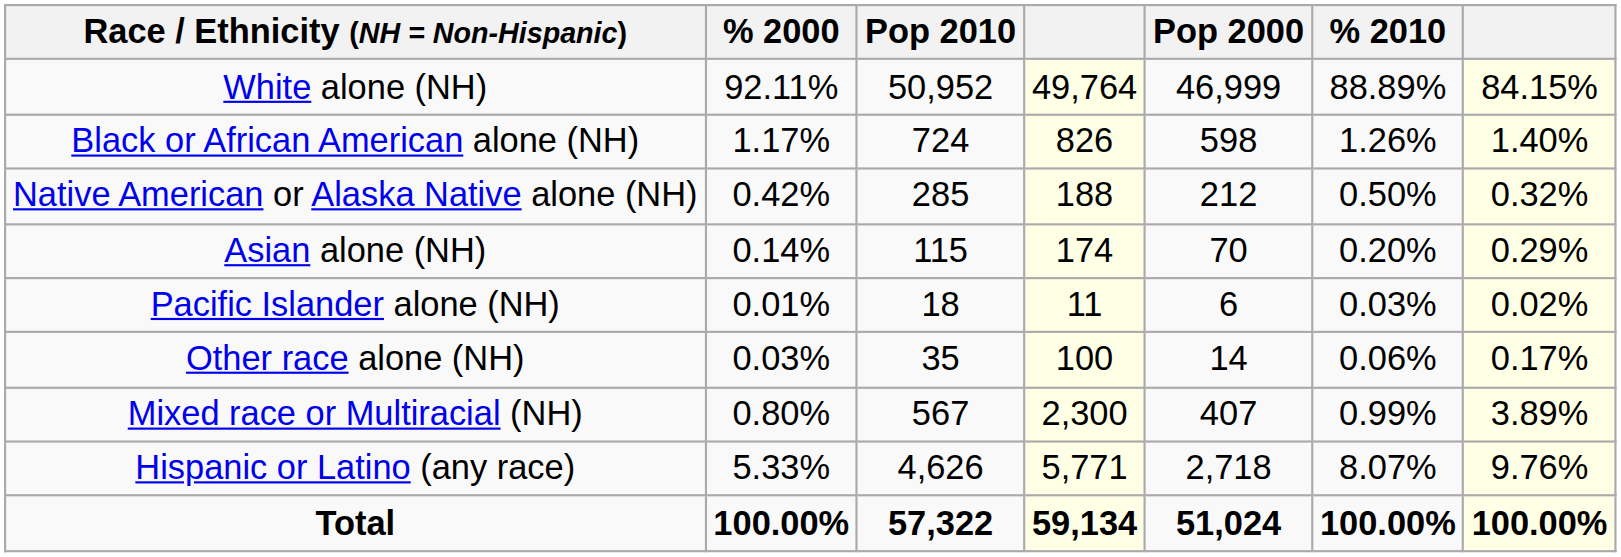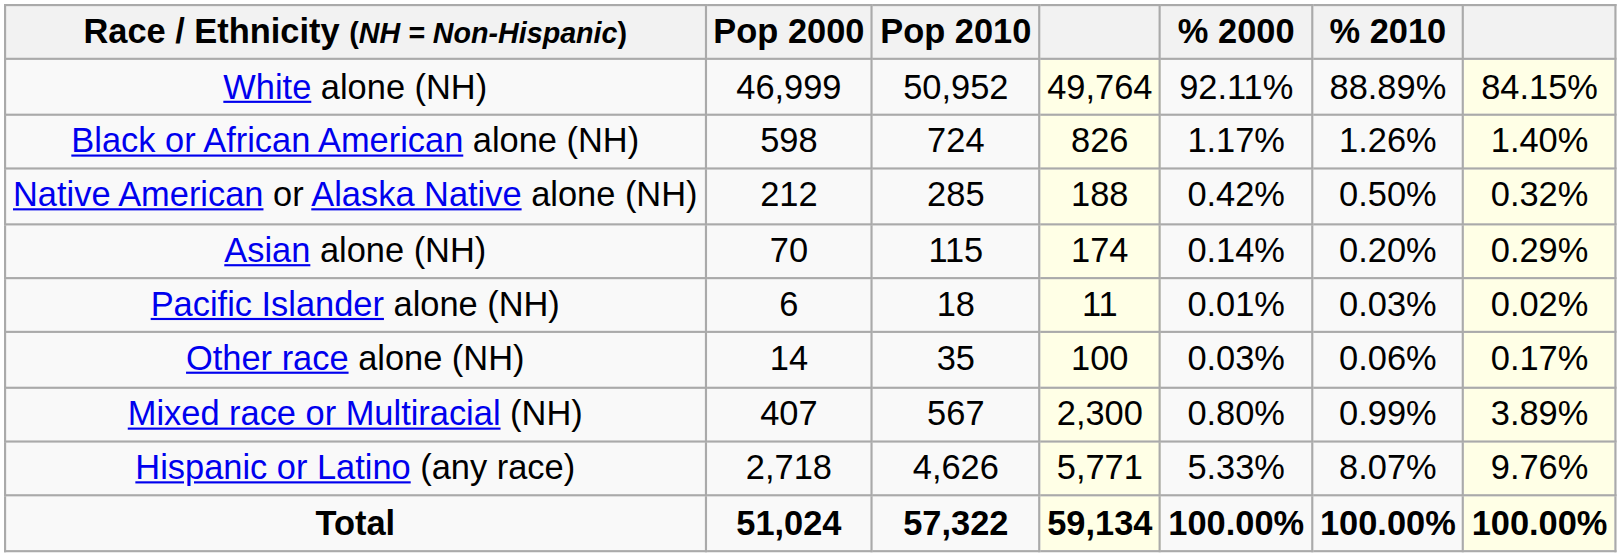 <table class="wikitable" style="text-align:center;">
 <tr>
 <th>Race / Ethnicity <small>(<em>NH = Non-Hispanic</em>)</small></th>
-<th>% 2000</th>
+<th>Pop 2000</th>
 <th>Pop 2010</th>
 <th></th>
-<th>Pop 2000</th>
+<th>% 2000</th>
 <th>% 2010</th>
 <th></th>
 </tr>
 <tr>
 <td><a href='#'>White</a> alone (NH)</td>
-<td>92.11%</td>
+<td>46,999</td>
 <td>50,952</td>
 <td style='background: #ffffe6;'>49,764</td>
-<td>46,999</td>
+<td>92.11%</td>
 <td>88.89%</td>
 <td style='background: #ffffe6;'>84.15%</td>
 </tr>
 <tr>
 <td><a href='#'>Black or African American</a> alone (NH)</td>
-<td>1.17%</td>
+<td>598</td>
 <td>724</td>
 <td style='background: #ffffe6;'>826</td>
-<td>598</td>
+<td>1.17%</td>
 <td>1.26%</td>
 <td style='background: #ffffe6;'>1.40%</td>
 </tr>
 <tr>
 <td><a href='#'>Native American</a> or <a href='#'>Alaska Native</a> alone (NH)</td>
-<td>0.42%</td>
+<td>212</td>
 <td>285</td>
 <td style='background: #ffffe6;'>188</td>
-<td>212</td>
+<td>0.42%</td>
 <td>0.50%</td>
 <td style='background: #ffffe6;'>0.32%</td>
 </tr>
 <tr>
 <td><a href='#'>Asian</a> alone (NH)</td>
-<td>0.14%</td>
+<td>70</td>
 <td>115</td>
 <td style='background: #ffffe6;'>174</td>
-<td>70</td>
+<td>0.14%</td>
 <td>0.20%</td>
 <td style='background: #ffffe6;'>0.29%</td>
 </tr>
 <tr>
 <td><a href='#'>Pacific Islander</a> alone (NH)</td>
-<td>0.01%</td>
+<td>6</td>
 <td>18</td>
 <td style='background: #ffffe6;'>11</td>
-<td>6</td>
+<td>0.01%</td>
 <td>0.03%</td>
 <td style='background: #ffffe6;'>0.02%</td>
 </tr>
 <tr>
 <td><a href='#'>Other race</a> alone (NH)</td>
-<td>0.03%</td>
+<td>14</td>
 <td>35</td>
 <td style='background: #ffffe6;'>100</td>
-<td>14</td>
+<td>0.03%</td>
 <td>0.06%</td>
 <td style='background: #ffffe6;'>0.17%</td>
 </tr>
 <tr>
 <td><a href='#'>Mixed race or Multiracial</a> (NH)</td>
-<td>0.80%</td>
+<td>407</td>
 <td>567</td>
 <td style='background: #ffffe6;'>2,300</td>
-<td>407</td>
+<td>0.80%</td>
 <td>0.99%</td>
 <td style='background: #ffffe6;'>3.89%</td>
 </tr>
 <tr>
 <td><a href='#'>Hispanic or Latino</a> (any race)</td>
-<td>5.33%</td>
+<td>2,718</td>
 <td>4,626</td>
 <td style='background: #ffffe6;'>5,771</td>
-<td>2,718</td>
+<td>5.33%</td>
 <td>8.07%</td>
 <td style='background: #ffffe6;'>9.76%</td>
 </tr>
 <tr>
 <td><strong>Total</strong></td>
-<td><strong>100.00%</strong></td>
+<td><strong>51,024</strong></td>
 <td><strong>57,322</strong></td>
 <td style='background: #ffffe6;'><strong>59,134</strong></td>
-<td><strong>51,024</strong></td>
+<td><strong>100.00%</strong></td>
 <td><strong>100.00%</strong></td>
 <td style='background: #ffffe6;'><strong>100.00%</strong></td>
 </tr>
 </table>
